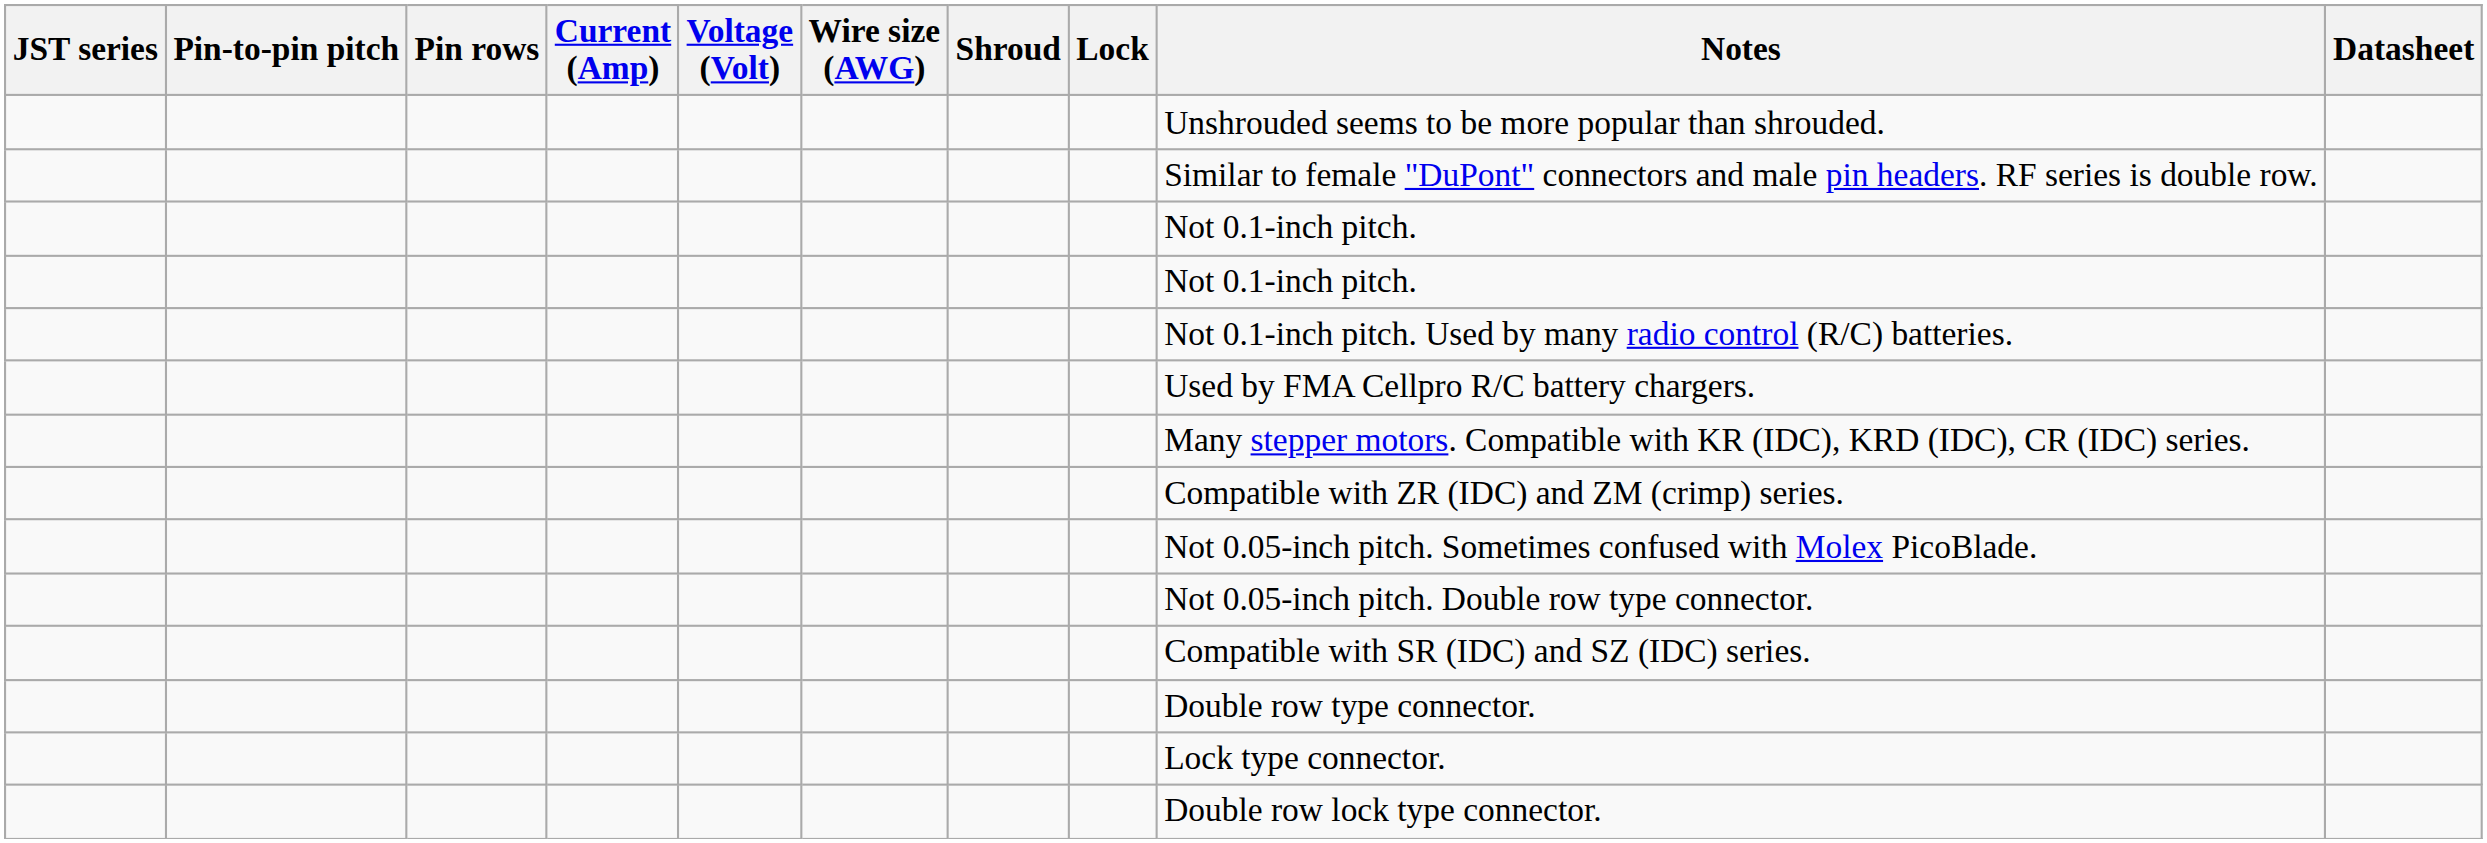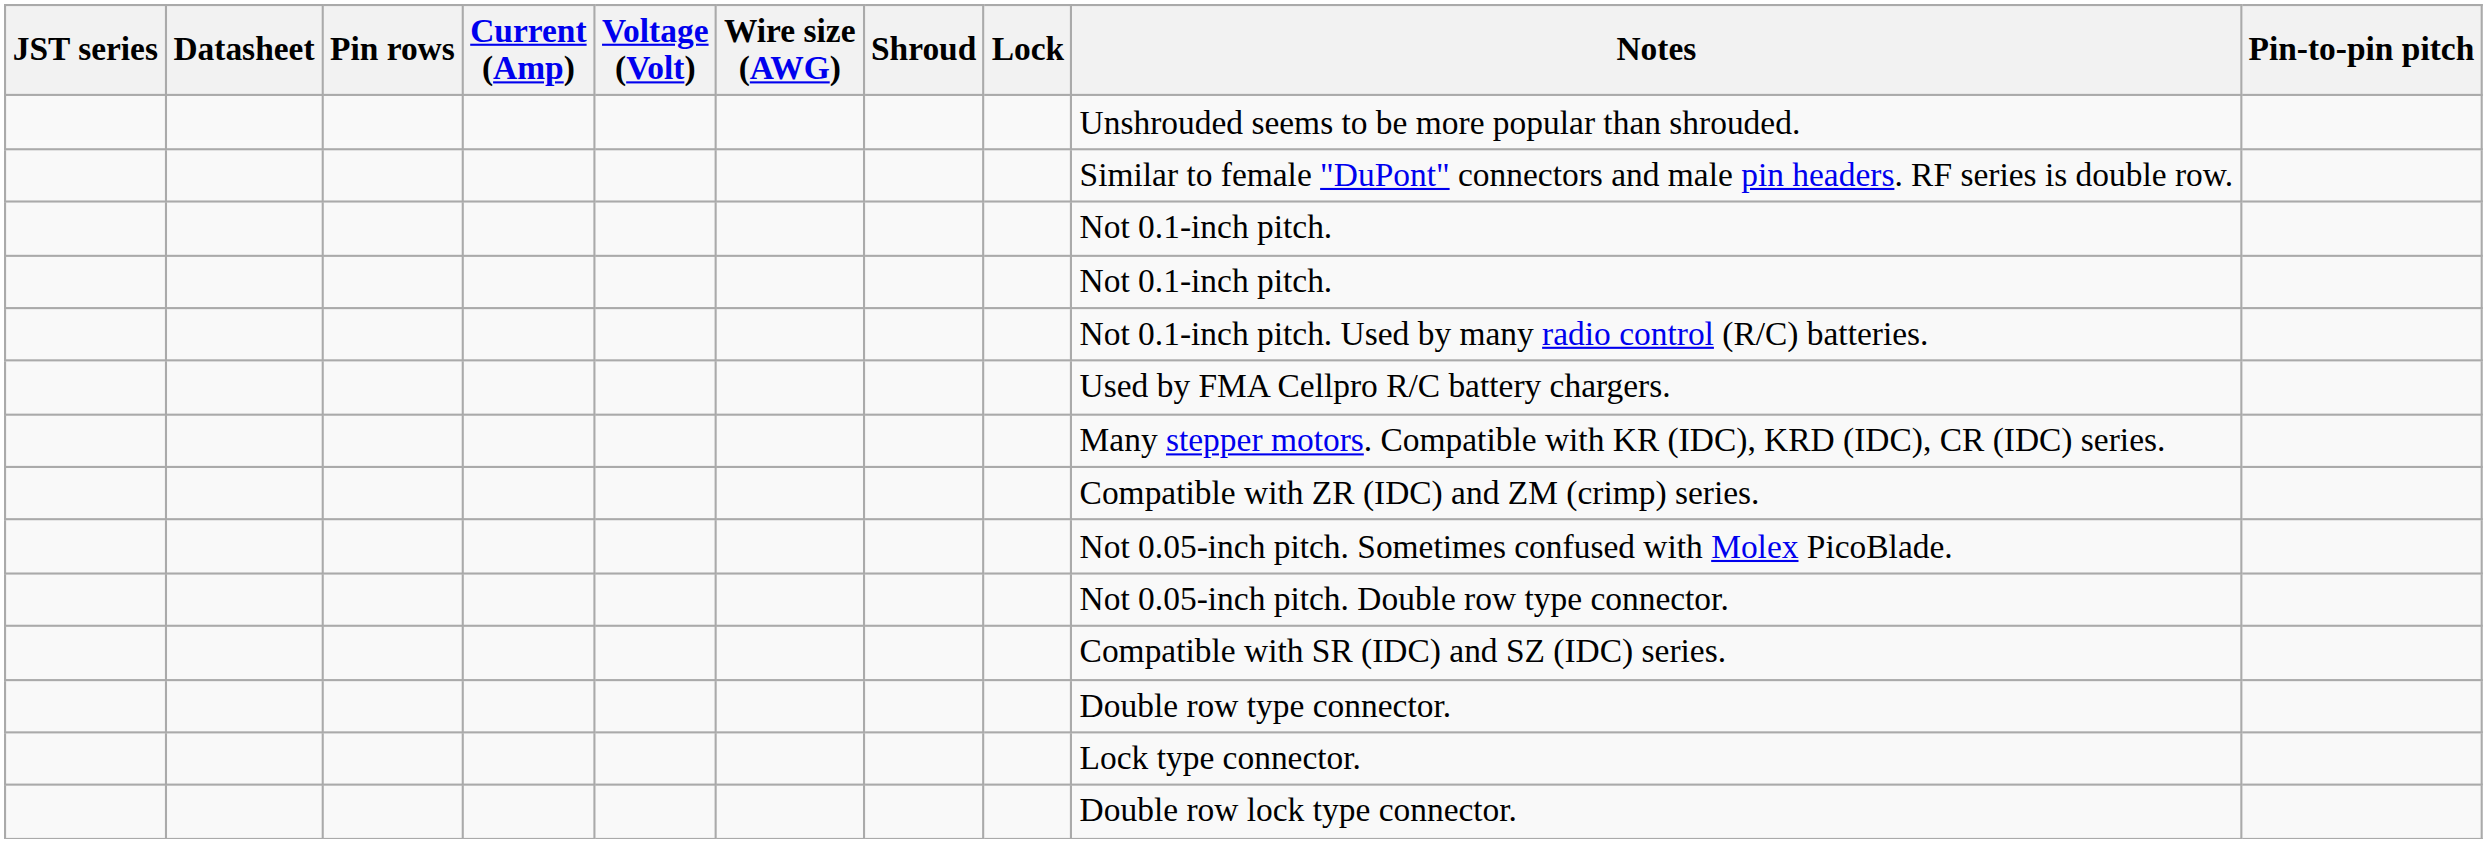 <table class="wikitable">
 <tr>
 <th>JST series</th>
-<th>Pin-to-pin pitch</th>
+<th>Datasheet</th>
 <th>Pin rows</th>
 <th><a href='#'>Current</a><br>(<a href='#'>Amp</a>)</th>
 <th><a href='#'>Voltage</a><br>(<a href='#'>Volt</a>)</th>
 <th>Wire size<br>(<a href='#'>AWG</a>)</th>
 <th>Shroud</th>
 <th>Lock</th>
 <th>Notes</th>
-<th>Datasheet</th>
+<th>Pin-to-pin pitch</th>
 </tr>
 <tr>
 <td></td>
 <td></td>
 <td></td>
 <td></td>
 <td></td>
 <td></td>
 <td></td>
 <td></td>
 <td>Unshrouded seems to be more popular than shrouded.</td>
 <td></td>
 </tr>
 <tr>
 <td></td>
 <td></td>
 <td></td>
 <td></td>
 <td></td>
 <td></td>
 <td></td>
 <td></td>
 <td>Similar to female <a href='#'>"DuPont"</a> connectors and male <a href='#'>pin headers</a>. RF series is double row.</td>
 <td></td>
 </tr>
 <tr>
 <td></td>
 <td></td>
 <td></td>
 <td></td>
 <td></td>
 <td></td>
 <td></td>
 <td></td>
 <td>Not 0.1-inch pitch.</td>
 <td></td>
 </tr>
 <tr>
 <td></td>
 <td></td>
 <td></td>
 <td></td>
 <td></td>
 <td></td>
 <td></td>
 <td></td>
 <td>Not 0.1-inch pitch.</td>
 <td></td>
 </tr>
 <tr>
 <td></td>
 <td></td>
 <td></td>
 <td></td>
 <td></td>
 <td></td>
 <td></td>
 <td></td>
 <td>Not 0.1-inch pitch. Used by many <a href='#'>radio control</a> (R/C) batteries.</td>
 <td></td>
 </tr>
 <tr>
 <td></td>
 <td></td>
 <td></td>
 <td></td>
 <td></td>
 <td></td>
 <td></td>
 <td></td>
 <td>Used by FMA Cellpro R/C battery chargers.</td>
 <td></td>
 </tr>
 <tr>
 <td></td>
 <td></td>
 <td></td>
 <td></td>
 <td></td>
 <td></td>
 <td></td>
 <td></td>
 <td>Many <a href='#'>stepper motors</a>. Compatible with KR (IDC), KRD (IDC), CR (IDC) series.</td>
 <td></td>
 </tr>
 <tr>
 <td></td>
 <td></td>
 <td></td>
 <td></td>
 <td></td>
 <td></td>
 <td></td>
 <td></td>
 <td>Compatible with ZR (IDC) and ZM (crimp) series.</td>
 <td></td>
 </tr>
 <tr>
 <td></td>
 <td></td>
 <td></td>
 <td></td>
 <td></td>
 <td></td>
 <td></td>
 <td></td>
 <td>Not 0.05-inch pitch. Sometimes confused with <a href='#'>Molex</a> PicoBlade.</td>
 <td></td>
 </tr>
 <tr>
 <td></td>
 <td></td>
 <td></td>
 <td></td>
 <td></td>
 <td></td>
 <td></td>
 <td></td>
 <td>Not 0.05-inch pitch. Double row type connector.</td>
 <td></td>
 </tr>
 <tr>
 <td></td>
 <td></td>
 <td></td>
 <td></td>
 <td></td>
 <td></td>
 <td></td>
 <td></td>
 <td>Compatible with SR (IDC) and SZ (IDC) series.</td>
 <td></td>
 </tr>
 <tr>
 <td></td>
 <td></td>
 <td></td>
 <td></td>
 <td></td>
 <td></td>
 <td></td>
 <td></td>
 <td>Double row type connector.</td>
 <td></td>
 </tr>
 <tr>
 <td></td>
 <td></td>
 <td></td>
 <td></td>
 <td></td>
 <td></td>
 <td></td>
 <td></td>
 <td>Lock type connector.</td>
 <td></td>
 </tr>
 <tr>
 <td></td>
 <td></td>
 <td></td>
 <td></td>
 <td></td>
 <td></td>
 <td></td>
 <td></td>
 <td>Double row lock type connector.</td>
 <td></td>
 </tr>
 </table>
